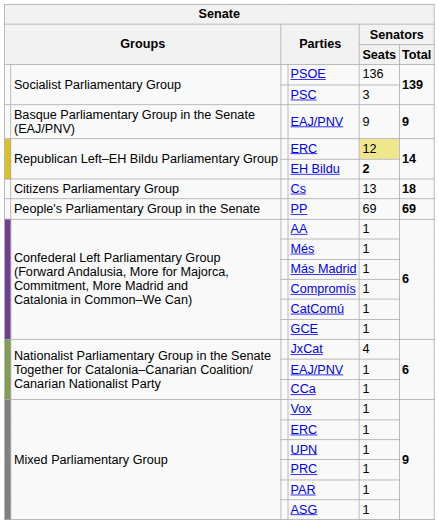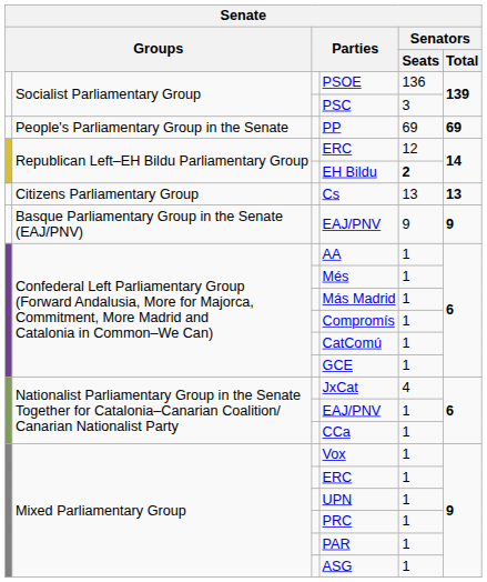 <table class="wikitable" style="text-align:left;">
 <tr>
 <th colspan="6">Senate</th>
 </tr>
 <tr>
 <th rowspan="2" colspan="2">Groups</th>
 <th rowspan="2" colspan="2">Parties</th>
 <th colspan="2">Senators</th>
 </tr>
 <tr>
 <th>Seats</th>
 <th>Total</th>
 </tr>
 <tr>
 <td width="1" rowspan="2"></td>
 <td rowspan="2">Socialist Parliamentary Group</td>
 <td width="1" style="color:inherit;background:"></td>
 <td><a href='#'>PSOE</a></td>
 <td>136</td>
 <td rowspan="2"><strong>139</strong></td>
 </tr>
 <tr>
 <td style="color:inherit;background:"></td>
 <td><a href='#'>PSC</a></td>
 <td>3</td>
 </tr>
 <tr>
 <td style="color:inherit;background:"></td>
-<td>Basque Parliamentary Group in the Senate<br>(EAJ/PNV)</td>
+<td>People's Parliamentary Group in the Senate</td>
 <td style="color:inherit;background:"></td>
-<td><a href='#'>EAJ/PNV</a></td>
-<td>9</td>
-<td><strong>9</strong></td>
+<td><a href='#'>PP</a></td>
+<td>69</td>
+<td><strong>69</strong></td>
 </tr>
 <tr>
 <td rowspan="2" bgcolor="#DAC125"></td>
 <td rowspan="2">Republican Left–EH Bildu Parliamentary Group</td>
 <td style="color:inherit;background:"></td>
 <td><a href='#'>ERC</a></td>
-<td style="background: khaki;">12</td>
+<td>12</td>
 <td rowspan="2"><strong>14</strong></td>
 </tr>
 <tr>
 <td style="color:inherit;background:"></td>
 <td><a href='#'>EH Bildu</a></td>
 <td><strong>2</strong></td>
 </tr>
 <tr>
 <td style="color:inherit;background:"></td>
 <td>Citizens Parliamentary Group</td>
 <td style="color:inherit;background:"></td>
 <td><a href='#'>Cs</a></td>
 <td>13</td>
-<td><strong>18</strong></td>
+<td><strong>13</strong></td>
 </tr>
 <tr>
 <td style="color:inherit;background:"></td>
-<td>People's Parliamentary Group in the Senate</td>
+<td>Basque Parliamentary Group in the Senate<br>(EAJ/PNV)</td>
 <td style="color:inherit;background:"></td>
-<td><a href='#'>PP</a></td>
-<td>69</td>
-<td><strong>69</strong></td>
+<td><a href='#'>EAJ/PNV</a></td>
+<td>9</td>
+<td><strong>9</strong></td>
 </tr>
 <tr>
 <td rowspan="6" bgcolor="#713F92"></td>
 <td rowspan="6">Confederal Left Parliamentary Group<br>(Forward Andalusia, More for Majorca,<br>Commitment, More Madrid and<br>Catalonia in Common–We Can)</td>
 <td style="color:inherit;background:"></td>
 <td><a href='#'>AA</a></td>
 <td>1</td>
 <td rowspan="6"><strong>6</strong></td>
 </tr>
 <tr>
 <td style="color:inherit;background:"></td>
 <td><a href='#'>Més</a></td>
 <td>1</td>
 </tr>
 <tr>
 <td style="color:inherit;background:"></td>
 <td><a href='#'>Más Madrid</a></td>
 <td>1</td>
 </tr>
 <tr>
 <td style="color:inherit;background:"></td>
 <td><a href='#'>Compromís</a></td>
 <td>1</td>
 </tr>
 <tr>
 <td style="color:inherit;background:"></td>
 <td><a href='#'>CatComú</a></td>
 <td>1</td>
 </tr>
 <tr>
 <td style="color:inherit;background:"></td>
 <td><a href='#'>GCE</a></td>
 <td>1</td>
 </tr>
 <tr>
 <td rowspan="3" bgcolor="#809D56"></td>
 <td rowspan="3">Nationalist Parliamentary Group in the Senate<br>Together for Catalonia–Canarian Coalition/<br>Canarian Nationalist Party</td>
 <td style="color:inherit;background:"></td>
 <td><a href='#'>JxCat</a></td>
 <td>4</td>
 <td rowspan="3"><strong>6</strong></td>
 </tr>
 <tr>
 <td style="color:inherit;background:"></td>
 <td><a href='#'>EAJ/PNV</a></td>
 <td>1</td>
 </tr>
 <tr>
 <td style="color:inherit;background:"></td>
 <td><a href='#'>CCa</a></td>
 <td>1</td>
 </tr>
 <tr>
 <td rowspan="6" bgcolor="gray"></td>
 <td rowspan="6">Mixed Parliamentary Group</td>
 <td style="color:inherit;background:"></td>
 <td><a href='#'>Vox</a></td>
 <td>1</td>
 <td rowspan="6"><strong>9</strong></td>
 </tr>
 <tr>
 <td style="color:inherit;background:"></td>
 <td><a href='#'>ERC</a></td>
 <td>1</td>
 </tr>
 <tr>
 <td style="color:inherit;background:"></td>
 <td><a href='#'>UPN</a></td>
 <td>1</td>
 </tr>
 <tr>
 <td style="color:inherit;background:"></td>
 <td><a href='#'>PRC</a></td>
 <td>1</td>
 </tr>
 <tr>
 <td style="color:inherit;background:"></td>
 <td><a href='#'>PAR</a></td>
 <td>1</td>
 </tr>
 <tr>
 <td style="color:inherit;background:"></td>
 <td><a href='#'>ASG</a></td>
 <td>1</td>
 </tr>
 </table>
